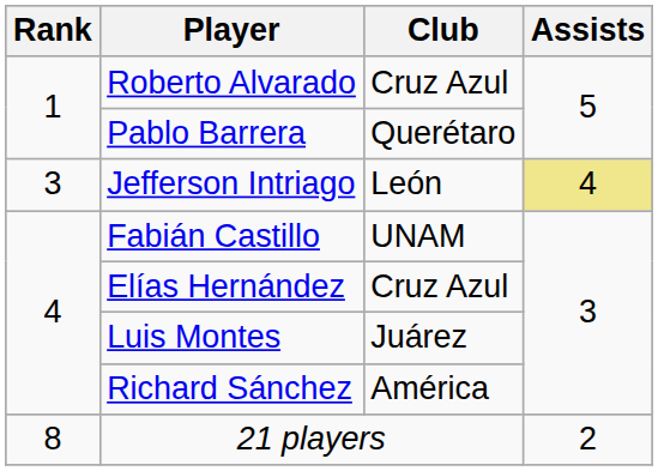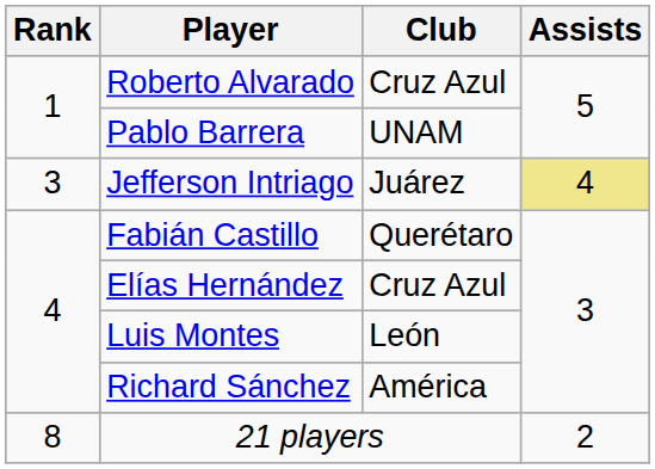 <table class="wikitable">
 <tr>
 <th>Rank</th>
 <th>Player</th>
 <th>Club</th>
 <th>Assists</th>
 </tr>
 <tr>
 <td align=center rowspan=2>1</td>
 <td> <a href='#'>Roberto Alvarado</a></td>
 <td>Cruz Azul</td>
 <td align=center rowspan=2>5</td>
 </tr>
 <tr>
 <td> <a href='#'>Pablo Barrera</a></td>
-<td>Querétaro</td>
+<td>UNAM</td>
 </tr>
 <tr>
 <td align=center rowspan=1>3</td>
 <td> <a href='#'>Jefferson Intriago</a></td>
-<td>León</td>
+<td>Juárez</td>
 <td align=center rowspan=1 style="background: khaki;">4</td>
 </tr>
 <tr>
 <td align=center rowspan=4>4</td>
 <td> <a href='#'>Fabián Castillo</a></td>
-<td>UNAM</td>
+<td>Querétaro</td>
 <td align=center rowspan=4>3</td>
 </tr>
 <tr>
 <td> <a href='#'>Elías Hernández</a></td>
 <td>Cruz Azul</td>
 </tr>
 <tr>
 <td> <a href='#'>Luis Montes</a></td>
-<td>Juárez</td>
+<td>León</td>
 </tr>
 <tr>
 <td> <a href='#'>Richard Sánchez</a></td>
 <td>América</td>
 </tr>
 <tr>
 <td align=center rowspan=1>8</td>
 <td align=center colspan="2"><em>21 players</em></td>
 <td align=center rowspan=1>2</td>
 </tr>
 </table>
